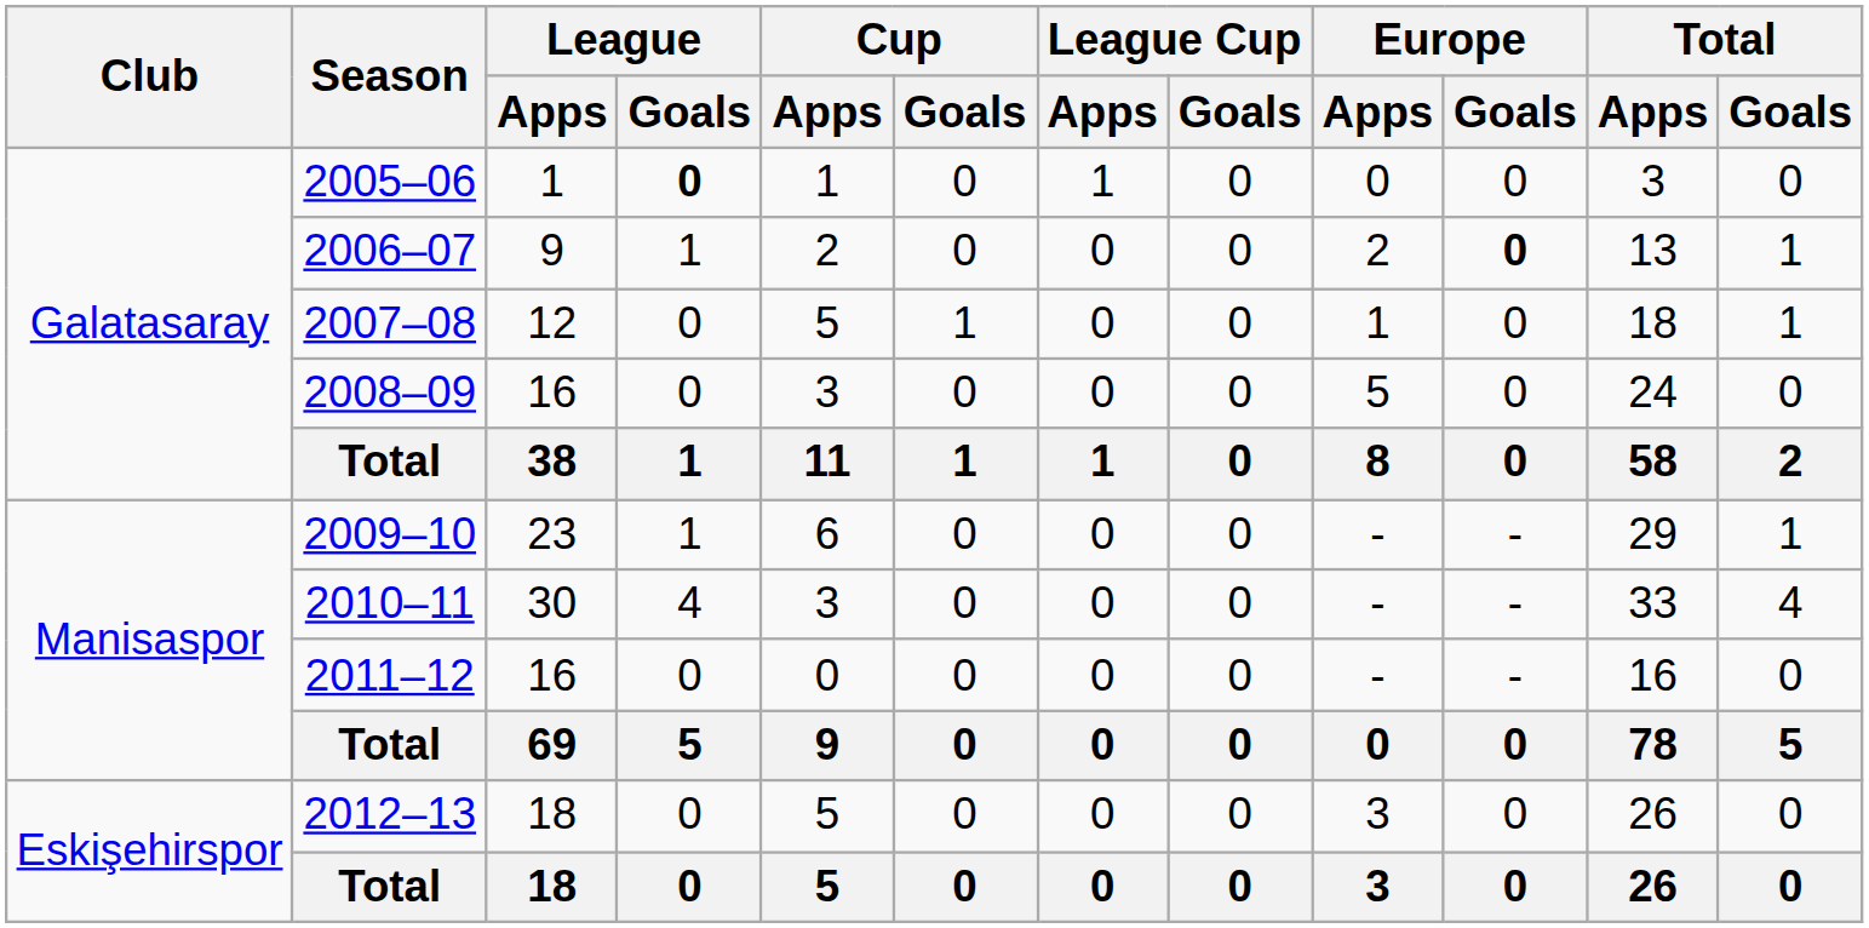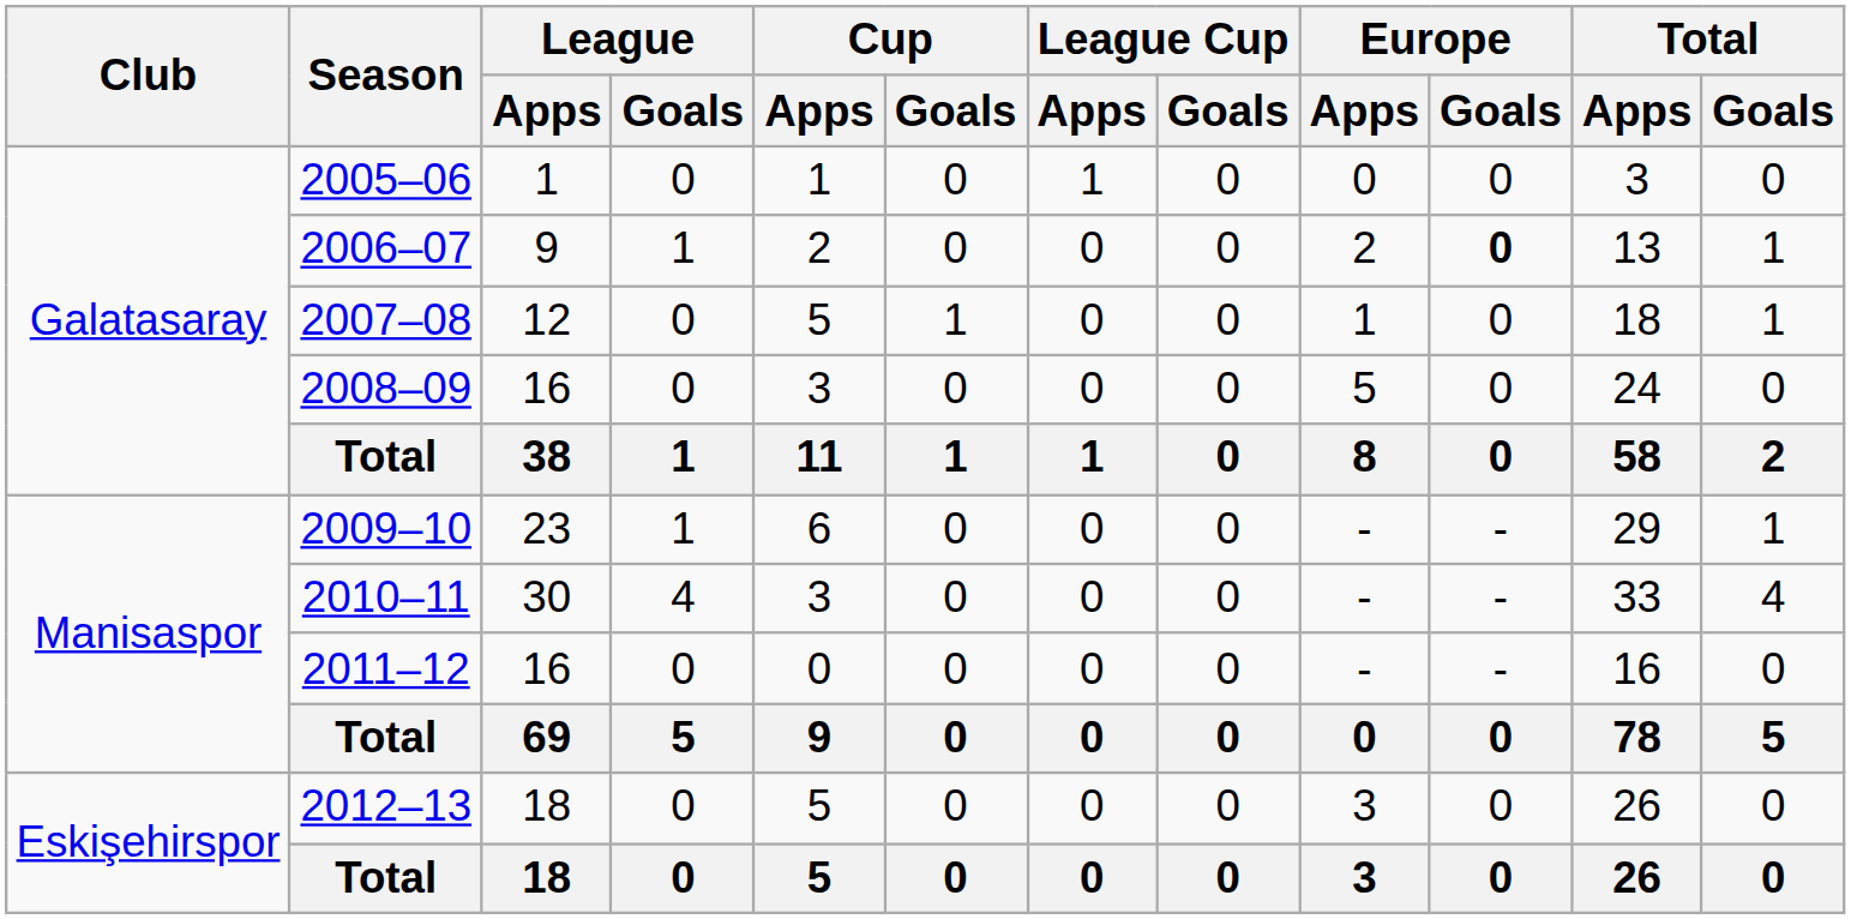 <table class="wikitable" style="text-align: center;">
 <tr>
 <th rowspan="2">Club</th>
 <th rowspan="2">Season</th>
 <th colspan="2">League</th>
 <th colspan="2">Cup</th>
 <th colspan="2">League Cup</th>
 <th colspan="2">Europe</th>
 <th colspan="2">Total</th>
 </tr>
 <tr>
 <th>Apps</th>
 <th>Goals</th>
 <th>Apps</th>
 <th>Goals</th>
 <th>Apps</th>
 <th>Goals</th>
 <th>Apps</th>
 <th>Goals</th>
 <th>Apps</th>
 <th>Goals</th>
 </tr>
 <tr>
 <td rowspan="5" valign="center"><a href='#'>Galatasaray</a></td>
 <td><a href='#'>2005–06</a></td>
 <td>1</td>
-<td><strong>0</strong></td>
+<td>0</td>
 <td>1</td>
 <td>0</td>
 <td>1</td>
 <td>0</td>
 <td>0</td>
 <td>0</td>
 <td>3</td>
 <td>0</td>
 </tr>
 <tr>
 <td><a href='#'>2006–07</a></td>
 <td>9</td>
 <td>1</td>
 <td>2</td>
 <td>0</td>
 <td>0</td>
 <td>0</td>
 <td>2</td>
 <td><strong>0</strong></td>
 <td>13</td>
 <td>1</td>
 </tr>
 <tr>
 <td><a href='#'>2007–08</a></td>
 <td>12</td>
 <td>0</td>
 <td>5</td>
 <td>1</td>
 <td>0</td>
 <td>0</td>
 <td>1</td>
 <td>0</td>
 <td>18</td>
 <td>1</td>
 </tr>
 <tr>
 <td><a href='#'>2008–09</a></td>
 <td>16</td>
 <td>0</td>
 <td>3</td>
 <td>0</td>
 <td>0</td>
 <td>0</td>
 <td>5</td>
 <td>0</td>
 <td>24</td>
 <td>0</td>
 </tr>
 <tr>
 <th>Total</th>
 <th>38</th>
 <th>1</th>
 <th>11</th>
 <th>1</th>
 <th>1</th>
 <th>0</th>
 <th>8</th>
 <th>0</th>
 <th>58</th>
 <th>2</th>
 </tr>
 <tr>
 <td rowspan="4" valign="center"><a href='#'>Manisaspor</a></td>
 <td><a href='#'>2009–10</a></td>
 <td>23</td>
 <td>1</td>
 <td>6</td>
 <td>0</td>
 <td>0</td>
 <td>0</td>
 <td>-</td>
 <td>-</td>
 <td>29</td>
 <td>1</td>
 </tr>
 <tr>
 <td><a href='#'>2010–11</a></td>
 <td>30</td>
 <td>4</td>
 <td>3</td>
 <td>0</td>
 <td>0</td>
 <td>0</td>
 <td>-</td>
 <td>-</td>
 <td>33</td>
 <td>4</td>
 </tr>
 <tr>
 <td><a href='#'>2011–12</a></td>
 <td>16</td>
 <td>0</td>
 <td>0</td>
 <td>0</td>
 <td>0</td>
 <td>0</td>
 <td>-</td>
 <td>-</td>
 <td>16</td>
 <td>0</td>
 </tr>
 <tr>
 <th>Total</th>
 <th>69</th>
 <th>5</th>
 <th>9</th>
 <th>0</th>
 <th>0</th>
 <th>0</th>
 <th>0</th>
 <th>0</th>
 <th>78</th>
 <th>5</th>
 </tr>
 <tr>
 <td rowspan="2" valign="center"><a href='#'>Eskişehirspor</a></td>
 <td><a href='#'>2012–13</a></td>
 <td>18</td>
 <td>0</td>
 <td>5</td>
 <td>0</td>
 <td>0</td>
 <td>0</td>
 <td>3</td>
 <td>0</td>
 <td>26</td>
 <td>0</td>
 </tr>
 <tr>
 <th>Total</th>
 <th>18</th>
 <th>0</th>
 <th>5</th>
 <th>0</th>
 <th>0</th>
 <th>0</th>
 <th>3</th>
 <th>0</th>
 <th>26</th>
 <th>0</th>
 </tr>
 </table>
